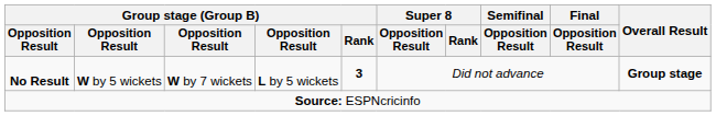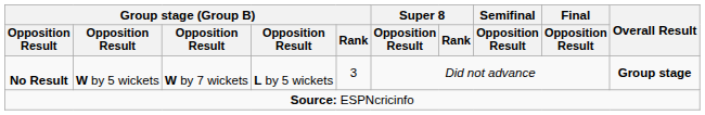 <table class=wikitable style=font-size:90%;text-align:center>
 <tr>
 <th colspan=5>Group stage (Group B)</th>
 <th colspan=2>Super 8</th>
 <th>Semifinal</th>
 <th>Final</th>
 <th rowspan=2>Overall Result</th>
 </tr>
 <tr style=font-size:95%>
 <th>Opposition<br>Result</th>
 <th>Opposition<br>Result</th>
 <th>Opposition<br>Result</th>
 <th>Opposition<br>Result</th>
 <th>Rank</th>
 <th>Opposition<br>Result</th>
 <th>Rank</th>
 <th>Opposition<br>Result</th>
 <th>Opposition<br>Result</th>
 </tr>
 <tr>
 <td><br><strong>No Result</strong></td>
 <td><br><strong>W</strong> by 5 wickets</td>
 <td><br><strong>W</strong> by 7 wickets</td>
 <td><br><strong>L</strong> by 5 wickets</td>
-<td><strong>3</strong></td>
+<td>3</td>
 <td colspan="4"><em>Did not advance</em></td>
 <td><strong>Group stage</strong></td>
 </tr>
 <tr>
 <td colspan="14"><strong>Source:</strong> ESPNcricinfo</td>
 </tr>
 </table>
